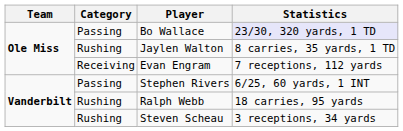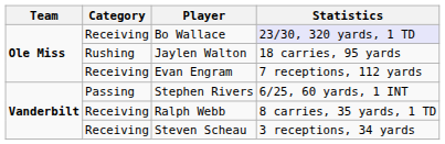 <table class="wikitable" style="float: right;">
 <tr>
 <th>Team</th>
 <th>Category</th>
 <th>Player</th>
 <th>Statistics</th>
 </tr>
 <tr>
 <td rowspan=3><strong>Ole Miss</strong></td>
-<td>Passing</td>
+<td>Receiving</td>
 <td>Bo Wallace</td>
 <td style="background: lavender;">23/30, 320 yards, 1 TD</td>
 </tr>
 <tr>
 <td>Rushing</td>
 <td>Jaylen Walton</td>
-<td>8 carries, 35 yards, 1 TD</td>
+<td>18 carries, 95 yards</td>
 </tr>
 <tr>
 <td>Receiving</td>
 <td>Evan Engram</td>
 <td>7 receptions, 112 yards</td>
 </tr>
 <tr>
 <td rowspan=3><strong>Vanderbilt</strong></td>
 <td>Passing</td>
 <td>Stephen Rivers</td>
 <td>6/25, 60 yards, 1 INT</td>
 </tr>
 <tr>
-<td>Rushing</td>
+<td>Receiving</td>
 <td>Ralph Webb</td>
-<td>18 carries, 95 yards</td>
+<td>8 carries, 35 yards, 1 TD</td>
 </tr>
 <tr>
-<td>Rushing</td>
+<td>Receiving</td>
 <td>Steven Scheau</td>
 <td>3 receptions, 34 yards</td>
 </tr>
 </table>
